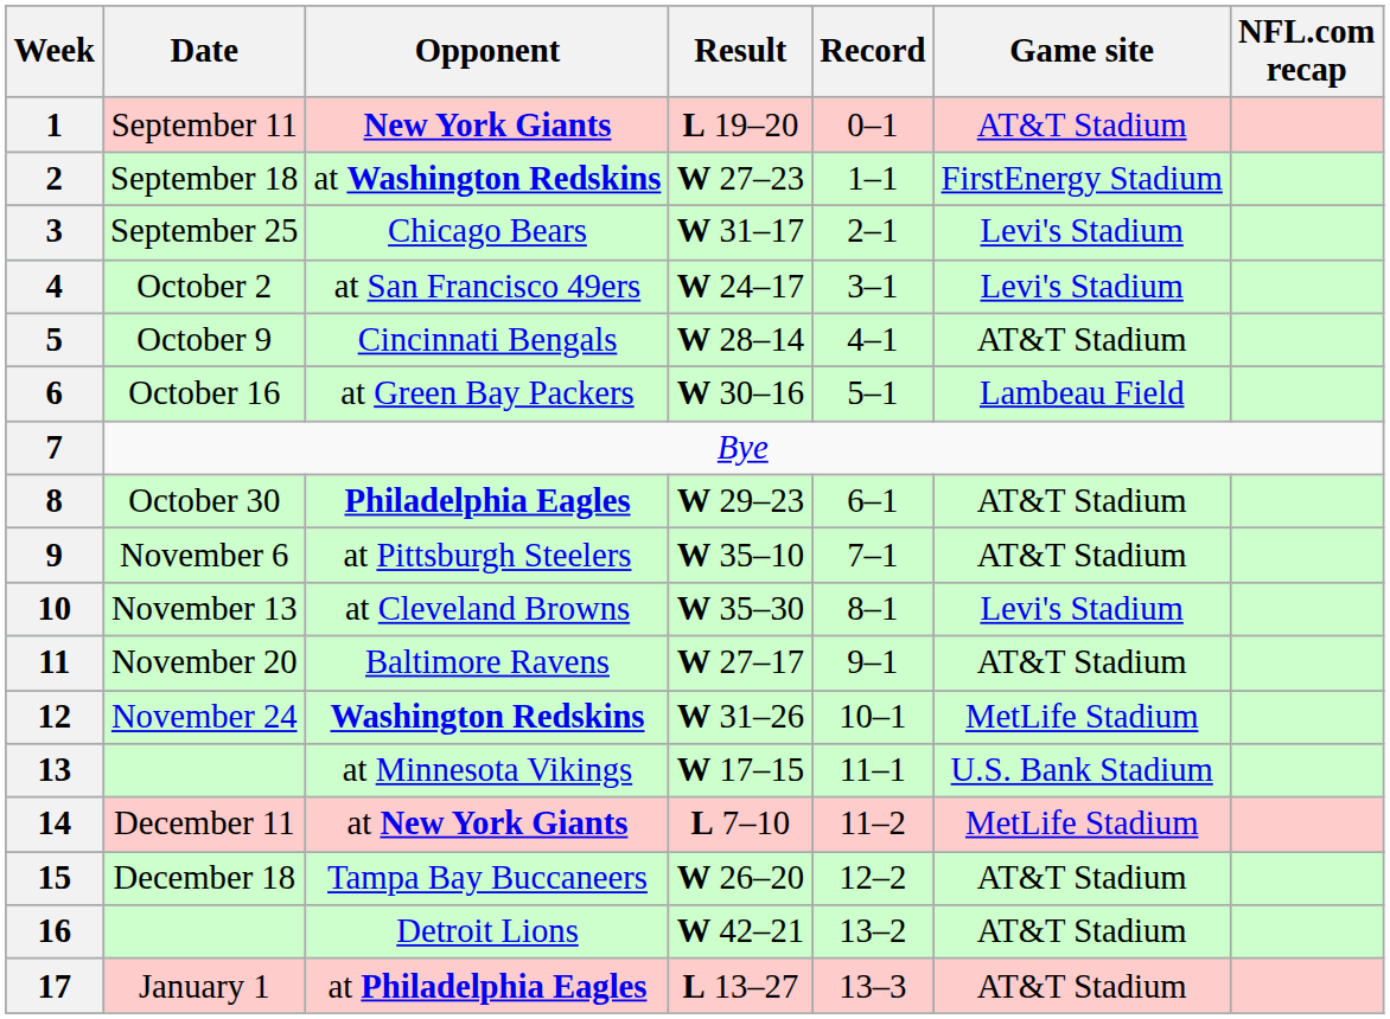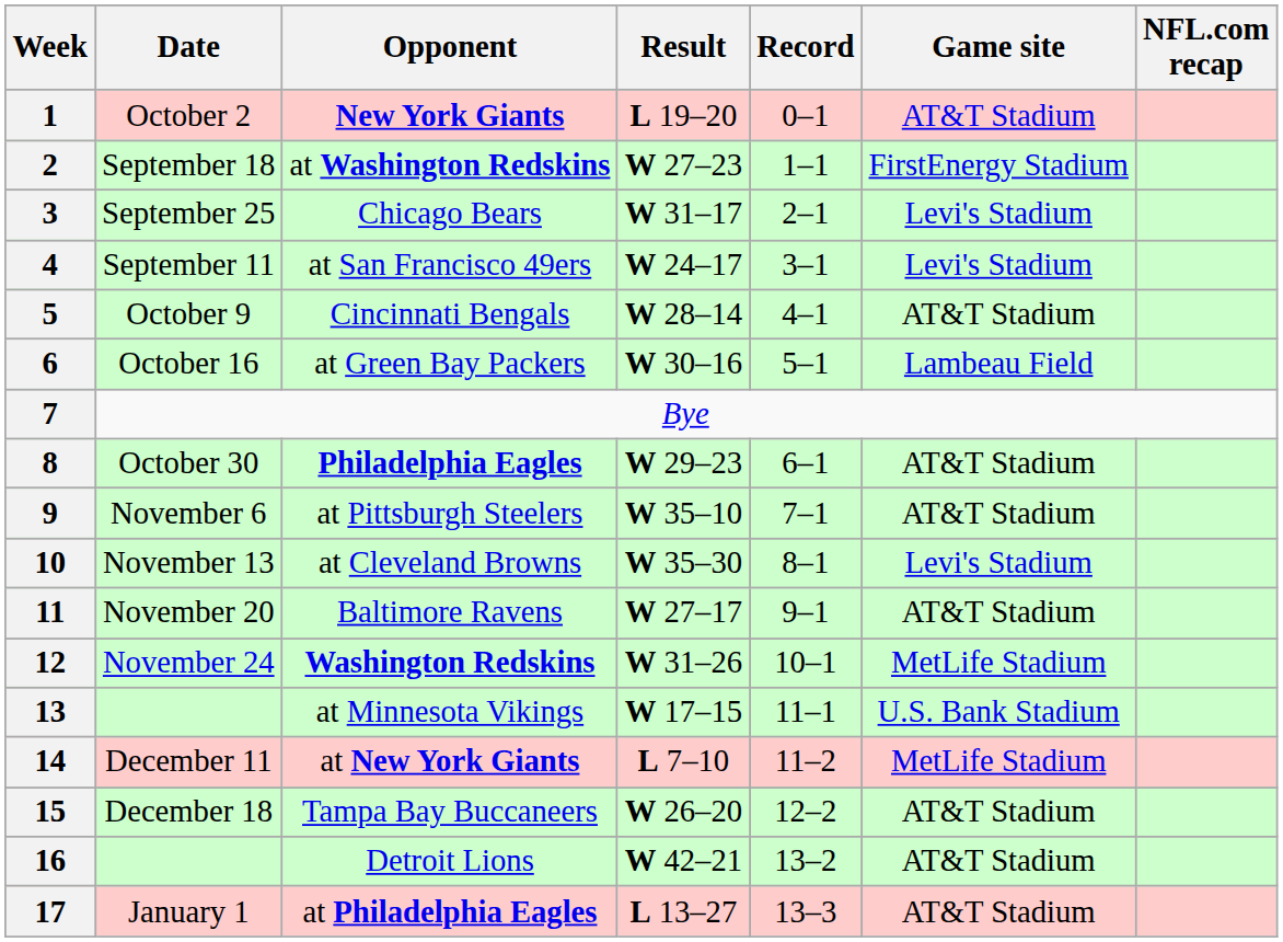 <table class="wikitable" style="text-align:center">
 <tr>
 <th>Week</th>
 <th>Date</th>
 <th>Opponent</th>
 <th>Result</th>
 <th>Record</th>
 <th>Game site</th>
 <th>NFL.com<br>recap</th>
 </tr>
 <tr style="background:#fcc">
 <th>1</th>
-<td>September 11</td>
+<td>October 2</td>
 <td><strong><a href='#'>New York Giants</a></strong></td>
 <td><strong>L</strong> 19–20</td>
 <td>0–1</td>
 <td><a href='#'>AT&T Stadium</a></td>
 <td></td>
 </tr>
 <tr style="background:#cfc">
 <th>2</th>
 <td>September 18</td>
 <td>at <strong><a href='#'>Washington Redskins</a></strong></td>
 <td><strong>W</strong> 27–23</td>
 <td>1–1</td>
 <td><a href='#'>FirstEnergy Stadium</a></td>
 <td></td>
 </tr>
 <tr style="background:#cfc">
 <th>3</th>
 <td>September 25</td>
 <td><a href='#'>Chicago Bears</a></td>
 <td><strong>W</strong> 31–17</td>
 <td>2–1</td>
 <td><a href='#'>Levi's Stadium</a></td>
 <td></td>
 </tr>
 <tr style="background:#cfc">
 <th>4</th>
-<td>October 2</td>
+<td>September 11</td>
 <td>at <a href='#'>San Francisco 49ers</a></td>
 <td><strong>W</strong> 24–17</td>
 <td>3–1</td>
 <td><a href='#'>Levi's Stadium</a></td>
 <td></td>
 </tr>
 <tr style="background:#cfc">
 <th>5</th>
 <td>October 9</td>
 <td><a href='#'>Cincinnati Bengals</a></td>
 <td><strong>W</strong> 28–14</td>
 <td>4–1</td>
 <td>AT&T Stadium</td>
 <td></td>
 </tr>
 <tr style="background:#cfc">
 <th>6</th>
 <td>October 16</td>
 <td>at <a href='#'>Green Bay Packers</a></td>
 <td><strong>W</strong> 30–16</td>
 <td>5–1</td>
 <td><a href='#'>Lambeau Field</a></td>
 <td></td>
 </tr>
 <tr>
 <th>7</th>
 <td colspan=6><em><a href='#'>Bye</a></em></td>
 </tr>
 <tr style="background:#cfc">
 <th>8</th>
 <td>October 30</td>
 <td><strong><a href='#'>Philadelphia Eagles</a></strong></td>
 <td><strong>W</strong> 29–23 </td>
 <td>6–1</td>
 <td>AT&T Stadium</td>
 <td></td>
 </tr>
 <tr style="background:#cfc">
 <th>9</th>
 <td>November 6</td>
 <td>at <a href='#'>Pittsburgh Steelers</a></td>
 <td><strong>W</strong> 35–10</td>
 <td>7–1</td>
 <td>AT&T Stadium</td>
 <td></td>
 </tr>
 <tr style="background:#cfc">
 <th>10</th>
 <td>November 13</td>
 <td>at <a href='#'>Cleveland Browns</a></td>
 <td><strong>W</strong> 35–30</td>
 <td>8–1</td>
 <td><a href='#'>Levi's Stadium</a></td>
 <td></td>
 </tr>
 <tr style="background:#cfc">
 <th>11</th>
 <td>November 20</td>
 <td><a href='#'>Baltimore Ravens</a></td>
 <td><strong>W</strong> 27–17</td>
 <td>9–1</td>
 <td>AT&T Stadium</td>
 <td></td>
 </tr>
 <tr style="background:#cfc">
 <th>12</th>
 <td><a href='#'>November 24</a></td>
 <td><strong><a href='#'>Washington Redskins</a></strong></td>
 <td><strong>W</strong> 31–26</td>
 <td>10–1</td>
 <td><a href='#'>MetLife Stadium</a></td>
 <td></td>
 </tr>
 <tr style="background:#cfc">
 <th>13</th>
 <td></td>
 <td>at <a href='#'>Minnesota Vikings</a></td>
 <td><strong>W</strong> 17–15</td>
 <td>11–1</td>
 <td><a href='#'>U.S. Bank Stadium</a></td>
 <td></td>
 </tr>
 <tr style="background:#fcc">
 <th>14</th>
 <td>December 11</td>
 <td>at <strong><a href='#'>New York Giants</a></strong></td>
 <td><strong>L</strong> 7–10</td>
 <td>11–2</td>
 <td><a href='#'>MetLife Stadium</a></td>
 <td></td>
 </tr>
 <tr style="background:#cfc">
 <th>15</th>
 <td>December 18</td>
 <td><a href='#'>Tampa Bay Buccaneers</a></td>
 <td><strong>W</strong> 26–20</td>
 <td>12–2</td>
 <td>AT&T Stadium</td>
 <td></td>
 </tr>
 <tr style="background:#cfc">
 <th>16</th>
 <td></td>
 <td><a href='#'>Detroit Lions</a></td>
 <td><strong>W</strong> 42–21</td>
 <td>13–2</td>
 <td>AT&T Stadium</td>
 <td></td>
 </tr>
 <tr style="background:#fcc">
 <th>17</th>
 <td>January 1</td>
 <td>at <strong><a href='#'>Philadelphia Eagles</a></strong></td>
 <td><strong>L</strong> 13–27</td>
 <td>13–3</td>
 <td>AT&T Stadium</td>
 <td></td>
 </tr>
 </table>
